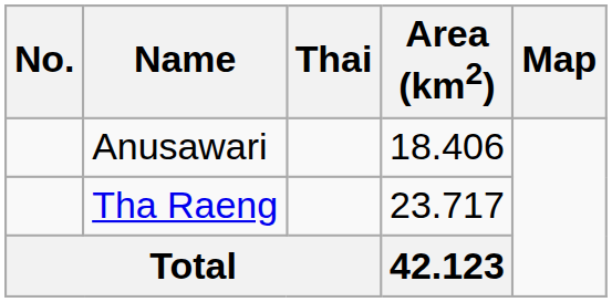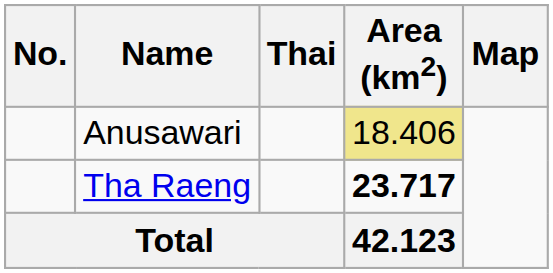 <table class="wikitable sortable">
 <tr>
 <th>No.</th>
 <th>Name</th>
 <th>Thai</th>
 <th>Area<br>(km<sup>2</sup>)</th>
 <th>Map</th>
 </tr>
 <tr>
 <td></td>
 <td>Anusawari</td>
 <td></td>
-<td><div>18.406</div></td>
+<td style="background: khaki;"><div>18.406</div></td>
 <td rowspan=3></td>
 </tr>
 <tr>
 <td></td>
 <td><a href='#'>Tha Raeng</a></td>
 <td></td>
-<td><div>23.717</div></td>
+<td><strong><div>23.717</div></strong></td>
 </tr>
 <tr>
 <th colspan=3>Total</th>
 <th><div>42.123</div></th>
 </tr>
 </table>
